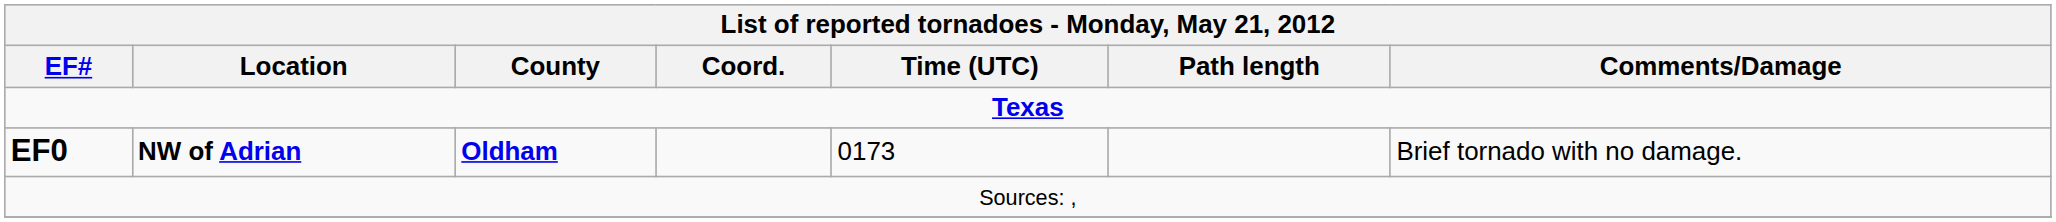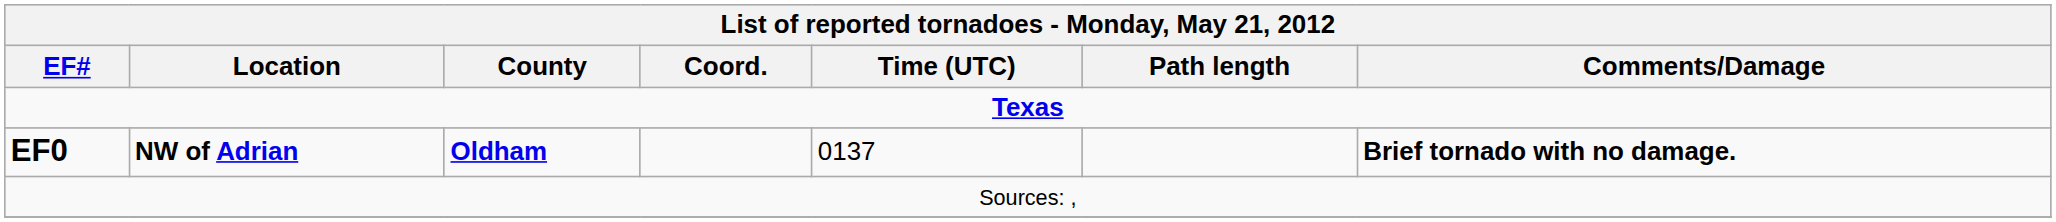 <table class="wikitable collapsible" width="100%">
 <tr>
 <th colspan="7">List of reported tornadoes - Monday, May 21, 2012</th>
 </tr>
 <tr>
 <th><a href='#'>EF#</a></th>
 <th>Location</th>
 <th>County</th>
 <th>Coord.</th>
 <th>Time (UTC)</th>
 <th>Path length</th>
 <th>Comments/Damage</th>
 </tr>
 <tr>
 <td colspan="7" align=center><strong><a href='#'>Texas</a></strong></td>
 </tr>
 <tr>
 <td><big><strong>EF0</strong></big></td>
 <td><strong>NW of <a href='#'>Adrian</a></strong></td>
 <td><strong><a href='#'>Oldham</a></strong></td>
 <td></td>
-<td>0173</td>
+<td>0137</td>
 <td></td>
-<td>Brief tornado with no damage.</td>
+<td><strong>Brief tornado with no damage.</strong></td>
 </tr>
 <tr>
 <td colspan="7" align=center><small>Sources: , </small></td>
 </tr>
 <tr>
 </tr>
 </table>
